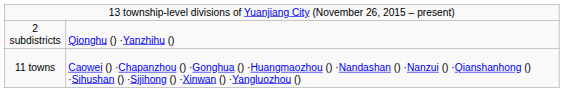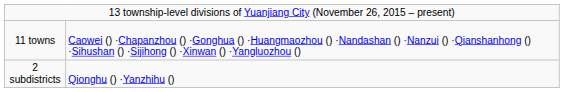 <table class="wikitable">
 <tr>
 <td style="text-align:center;" colspan="2">13 township-level divisions of <a href='#'>Yuanjiang City</a> (November 26, 2015 – present)</td>
 </tr>
 <tr align=left>
+<td align=center>11 towns</td>
+<td><br><a href='#'>Caowei</a> () ·<a href='#'>Chapanzhou</a> () ·<a href='#'>Gonghua</a> () ·<a href='#'>Huangmaozhou</a> () ·<a href='#'>Nandashan</a> () ·<a href='#'>Nanzui</a> () ·<a href='#'>Qianshanhong</a> () ·<a href='#'>Sihushan</a> () ·<a href='#'>Sijihong</a> () ·<a href='#'>Xinwan</a> () ·<a href='#'>Yangluozhou</a> ()</td>
+</tr>
+<tr align=left>
 <td align=center>2 subdistricts</td>
 <td><br><a href='#'>Qionghu</a> () ·<a href='#'>Yanzhihu</a> ()</td>
 </tr>
-<tr align=left>
-<td align=center>11 towns</td>
-<td><br><a href='#'>Caowei</a> () ·<a href='#'>Chapanzhou</a> () ·<a href='#'>Gonghua</a> () ·<a href='#'>Huangmaozhou</a> () ·<a href='#'>Nandashan</a> () ·<a href='#'>Nanzui</a> () ·<a href='#'>Qianshanhong</a> () ·<a href='#'>Sihushan</a> () ·<a href='#'>Sijihong</a> () ·<a href='#'>Xinwan</a> () ·<a href='#'>Yangluozhou</a> ()</td>
-</tr>
 </table>
